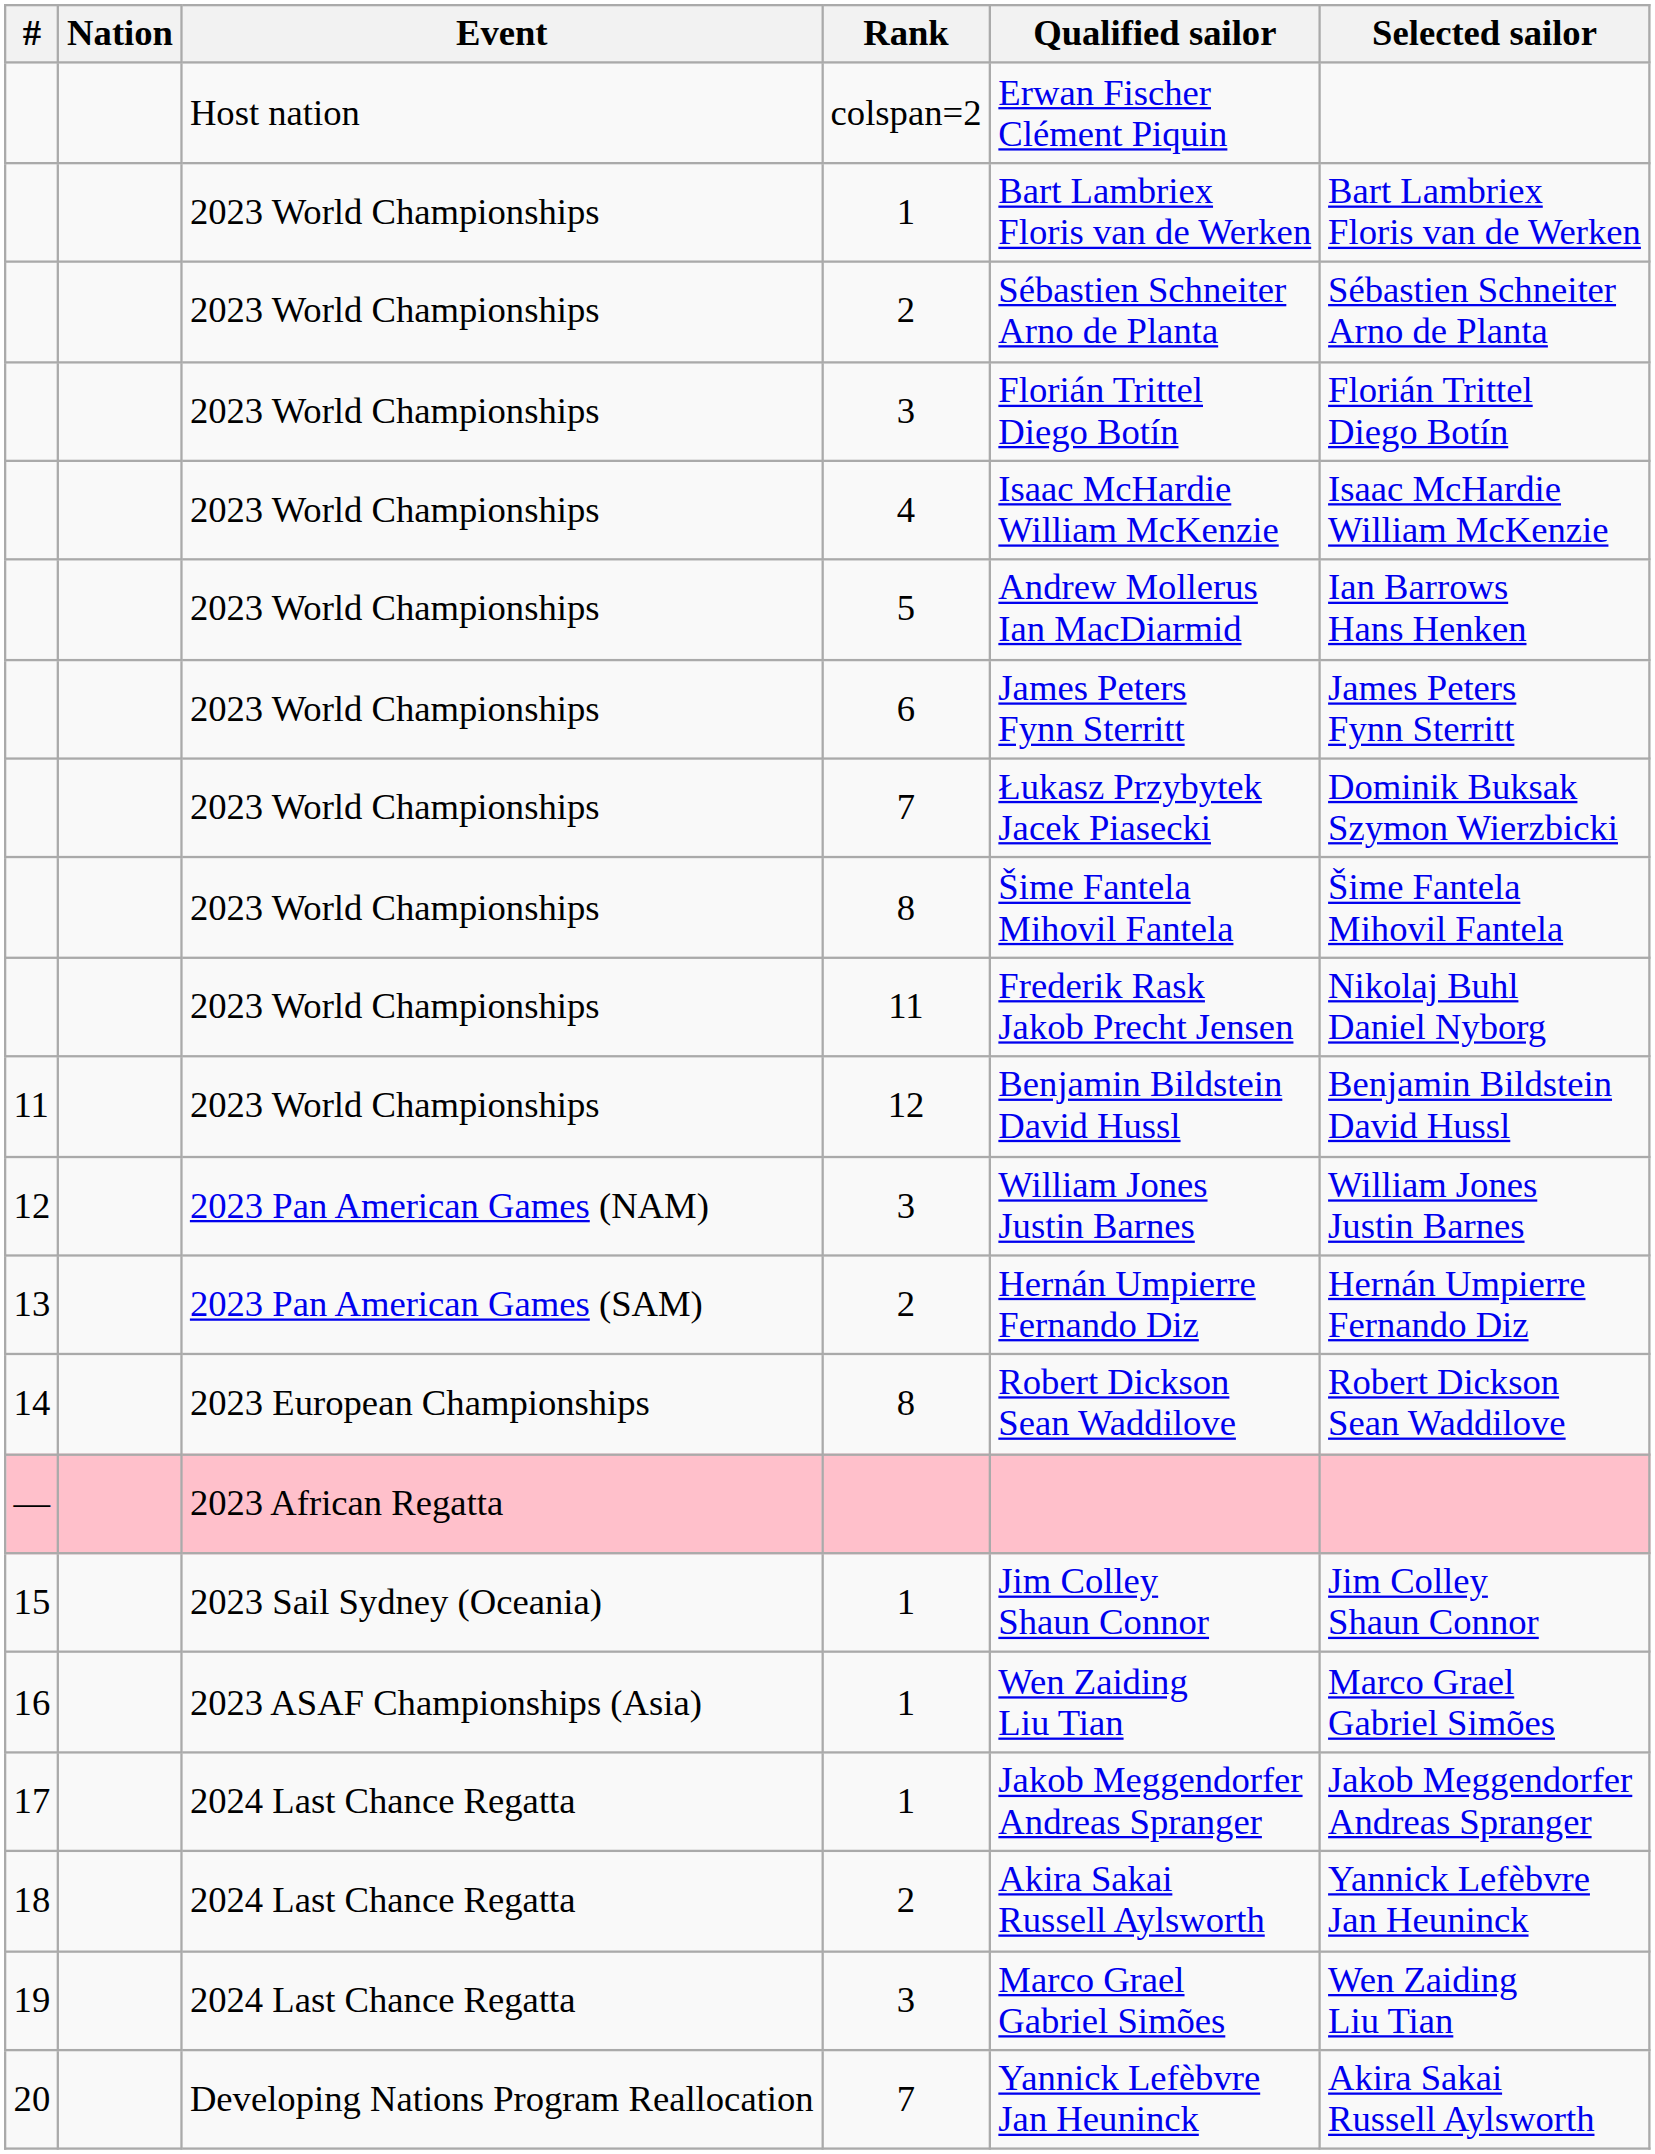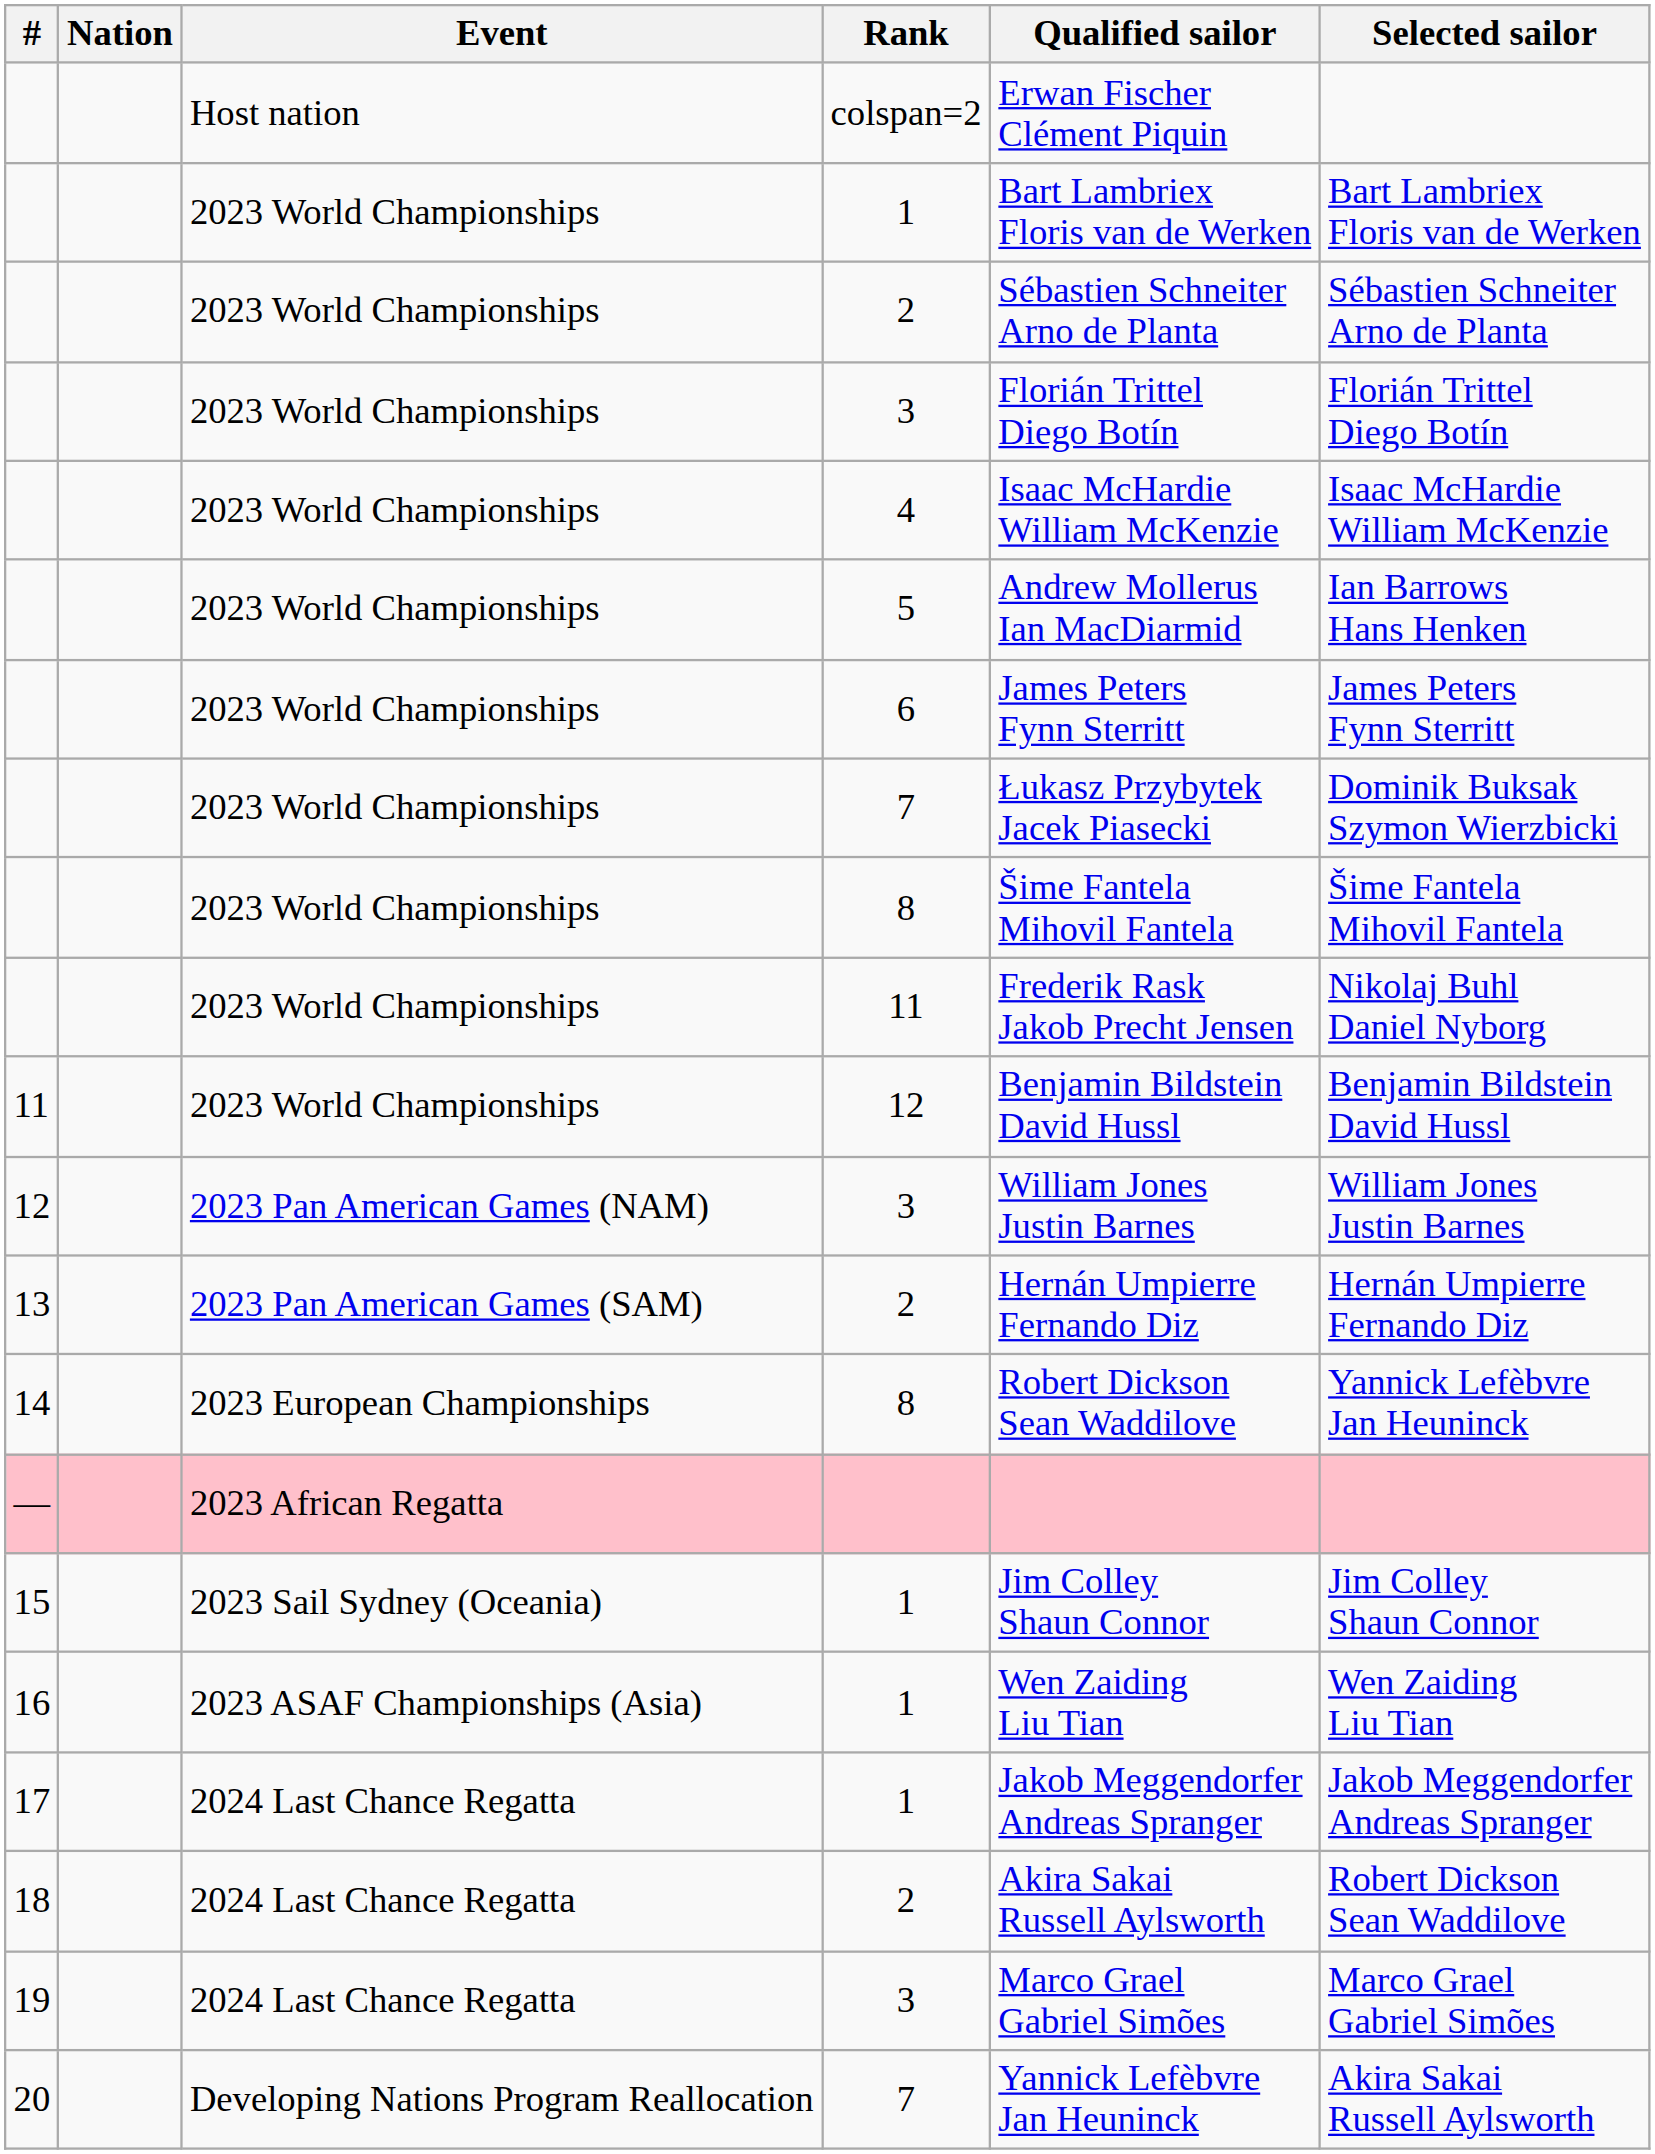 <table class="sortable wikitable">
 <tr>
 <th>#</th>
 <th>Nation</th>
 <th>Event</th>
 <th>Rank</th>
 <th>Qualified sailor</th>
 <th>Selected sailor</th>
 </tr>
 <tr>
 <td></td>
 <td></td>
 <td>Host nation</td>
 <td>colspan=2 </td>
 <td><a href='#'>Erwan Fischer</a><br><a href='#'>Clément Piquin</a></td>
 </tr>
 <tr>
 <td></td>
 <td></td>
 <td>2023 World Championships</td>
 <td align=center>1</td>
 <td><a href='#'>Bart Lambriex</a><br><a href='#'>Floris van de Werken</a></td>
 <td><a href='#'>Bart Lambriex</a><br><a href='#'>Floris van de Werken</a></td>
 </tr>
 <tr>
 <td></td>
 <td></td>
 <td>2023 World Championships</td>
 <td align=center>2</td>
 <td><a href='#'>Sébastien Schneiter</a><br><a href='#'>Arno de Planta</a></td>
 <td><a href='#'>Sébastien Schneiter</a><br><a href='#'>Arno de Planta</a></td>
 </tr>
 <tr>
 <td></td>
 <td></td>
 <td>2023 World Championships</td>
 <td align=center>3</td>
 <td><a href='#'>Florián Trittel</a><br><a href='#'>Diego Botín</a></td>
 <td><a href='#'>Florián Trittel</a><br><a href='#'>Diego Botín</a></td>
 </tr>
 <tr>
 <td></td>
 <td></td>
 <td>2023 World Championships</td>
 <td align=center>4</td>
 <td><a href='#'>Isaac McHardie</a><br><a href='#'>William McKenzie</a></td>
 <td><a href='#'>Isaac McHardie</a><br><a href='#'>William McKenzie</a></td>
 </tr>
 <tr>
 <td></td>
 <td></td>
 <td>2023 World Championships</td>
 <td align=center>5</td>
 <td><a href='#'>Andrew Mollerus</a><br><a href='#'>Ian MacDiarmid</a></td>
 <td><a href='#'>Ian Barrows</a><br><a href='#'>Hans Henken</a></td>
 </tr>
 <tr>
 <td></td>
 <td></td>
 <td>2023 World Championships</td>
 <td align=center>6</td>
 <td><a href='#'>James Peters</a><br><a href='#'>Fynn Sterritt</a></td>
 <td><a href='#'>James Peters</a><br><a href='#'>Fynn Sterritt</a></td>
 </tr>
 <tr>
 <td></td>
 <td></td>
 <td>2023 World Championships</td>
 <td align=center>7</td>
 <td><a href='#'>Łukasz Przybytek</a><br><a href='#'>Jacek Piasecki</a></td>
 <td><a href='#'>Dominik Buksak</a><br><a href='#'>Szymon Wierzbicki</a></td>
 </tr>
 <tr>
 <td></td>
 <td></td>
 <td>2023 World Championships</td>
 <td align=center>8</td>
 <td><a href='#'>Šime Fantela</a><br><a href='#'>Mihovil Fantela</a></td>
 <td><a href='#'>Šime Fantela</a><br><a href='#'>Mihovil Fantela</a></td>
 </tr>
 <tr>
 <td></td>
 <td></td>
 <td>2023 World Championships</td>
 <td align=center>11</td>
 <td><a href='#'>Frederik Rask</a><br><a href='#'>Jakob Precht Jensen</a></td>
 <td><a href='#'>Nikolaj Buhl</a><br><a href='#'>Daniel Nyborg</a></td>
 </tr>
 <tr>
 <td>11</td>
 <td></td>
 <td>2023 World Championships</td>
 <td align=center>12</td>
 <td><a href='#'>Benjamin Bildstein</a><br><a href='#'>David Hussl</a></td>
 <td><a href='#'>Benjamin Bildstein</a><br><a href='#'>David Hussl</a></td>
 </tr>
 <tr>
 <td>12</td>
 <td></td>
 <td><a href='#'>2023 Pan American Games</a> (NAM)</td>
 <td align=center>3</td>
 <td><a href='#'>William Jones</a><br><a href='#'>Justin Barnes</a></td>
 <td><a href='#'>William Jones</a><br><a href='#'>Justin Barnes</a></td>
 </tr>
 <tr>
 <td>13</td>
 <td></td>
 <td><a href='#'>2023 Pan American Games</a> (SAM)</td>
 <td align=center>2</td>
 <td><a href='#'>Hernán Umpierre</a><br><a href='#'>Fernando Diz</a></td>
 <td><a href='#'>Hernán Umpierre</a><br><a href='#'>Fernando Diz</a></td>
 </tr>
 <tr>
 <td>14</td>
 <td></td>
 <td>2023 European Championships</td>
 <td align=center>8</td>
 <td><a href='#'>Robert Dickson</a><br><a href='#'>Sean Waddilove</a></td>
-<td><a href='#'>Robert Dickson</a><br><a href='#'>Sean Waddilove</a></td>
+<td><a href='#'>Yannick Lefèbvre</a><br><a href='#'>Jan Heuninck</a></td>
 </tr>
 <tr style="background:pink;">
 <td>—</td>
 <td></td>
 <td>2023 African Regatta</td>
 <td></td>
 <td> <br> </td>
 <td></td>
 </tr>
 <tr>
 <td>15</td>
 <td></td>
 <td>2023 Sail Sydney (Oceania)</td>
 <td align=center>1</td>
 <td><a href='#'>Jim Colley</a><br><a href='#'>Shaun Connor</a></td>
 <td><a href='#'>Jim Colley</a><br><a href='#'>Shaun Connor</a></td>
 </tr>
 <tr>
 <td>16</td>
 <td></td>
 <td>2023 ASAF Championships (Asia)</td>
 <td align=center>1</td>
 <td><a href='#'>Wen Zaiding</a><br><a href='#'>Liu Tian</a></td>
-<td><a href='#'>Marco Grael</a><br><a href='#'>Gabriel Simões</a></td>
+<td><a href='#'>Wen Zaiding</a><br><a href='#'>Liu Tian</a></td>
 </tr>
 <tr>
 <td>17</td>
 <td></td>
 <td>2024 Last Chance Regatta</td>
 <td align=center>1</td>
 <td><a href='#'>Jakob Meggendorfer</a><br><a href='#'>Andreas Spranger</a></td>
 <td><a href='#'>Jakob Meggendorfer</a><br><a href='#'>Andreas Spranger</a></td>
 </tr>
 <tr>
 <td>18</td>
 <td></td>
 <td>2024 Last Chance Regatta</td>
 <td align=center>2</td>
 <td><a href='#'>Akira Sakai</a><br><a href='#'>Russell Aylsworth</a></td>
-<td><a href='#'>Yannick Lefèbvre</a><br><a href='#'>Jan Heuninck</a></td>
+<td><a href='#'>Robert Dickson</a><br><a href='#'>Sean Waddilove</a></td>
 </tr>
 <tr>
 <td>19</td>
 <td></td>
 <td>2024 Last Chance Regatta</td>
 <td align=center>3</td>
 <td><a href='#'>Marco Grael</a><br><a href='#'>Gabriel Simões</a></td>
-<td><a href='#'>Wen Zaiding</a><br><a href='#'>Liu Tian</a></td>
+<td><a href='#'>Marco Grael</a><br><a href='#'>Gabriel Simões</a></td>
 </tr>
 <tr>
 <td>20</td>
 <td></td>
 <td>Developing Nations Program Reallocation</td>
 <td align=center>7</td>
 <td><a href='#'>Yannick Lefèbvre</a><br><a href='#'>Jan Heuninck</a></td>
 <td><a href='#'>Akira Sakai</a><br><a href='#'>Russell Aylsworth</a></td>
 </tr>
 </table>
